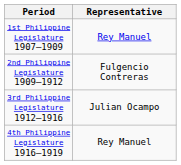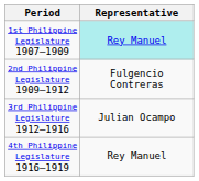 <table class="wikitable" style="text-align:center; width:40%;">
 <tr>
 <th width=40%>Period</th>
 <th>Representative</th>
 </tr>
 <tr>
 <td><small><a href='#'>1st Philippine Legislature</a></small><br>1907–1909</td>
-<td><a href='#'>Rey Manuel</a></td>
+<td style="background: paleturquoise;"><a href='#'>Rey Manuel</a></td>
 </tr>
 <tr>
 <td><small><a href='#'>2nd Philippine Legislature</a></small><br>1909–1912</td>
 <td>Fulgencio Contreras</td>
 </tr>
 <tr>
 <td><small><a href='#'>3rd Philippine Legislature</a></small><br>1912–1916</td>
 <td>Julian Ocampo</td>
 </tr>
 <tr>
 <td><small><a href='#'>4th Philippine Legislature</a></small><br>1916–1919</td>
 <td>Rey Manuel</td>
 </tr>
 </table>
